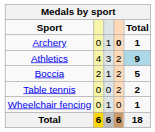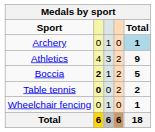 <table class="wikitable" style="font-size:85%; float:right;">
 <tr style="background:#efefef;">
 <th colspan=7><strong>Medals by sport</strong></th>
 </tr>
 <tr align=center>
 <td><strong>Sport</strong></td>
 <td style="background:#f7f6a8;"></td>
 <td style="background:#dce5e5;"></td>
 <td style="background:#ffdab9;"></td>
 <td><strong>Total</strong></td>
 </tr>
 <tr align=center>
 <td><a href='#'>Archery</a></td>
 <td style="background:#F7F6A8;">0</td>
 <td style="background:#DCE5E5;">1</td>
-<td style="background:#FFDAB9;"><strong>0</strong></td>
-<td><strong>1</strong></td>
+<td style="background:#FFDAB9;">0</td>
+<td style="background: lightblue;"><strong>1</strong></td>
 </tr>
 <tr align=center>
 <td><a href='#'>Athletics</a></td>
 <td style="background:#F7F6A8;">4</td>
 <td style="background:#DCE5E5;">3</td>
 <td style="background:#FFDAB9;">2</td>
-<td style="background: lightblue;"><strong>9</strong></td>
+<td><strong>9</strong></td>
 </tr>
 <tr align=center>
 <td><a href='#'>Boccia</a></td>
-<td style="background:#F7F6A8;">2</td>
+<td style="background:#F7F6A8;"><strong>2</strong></td>
 <td style="background:#DCE5E5;">1</td>
 <td style="background:#FFDAB9;">2</td>
 <td><strong>5</strong></td>
 </tr>
 <tr align=center>
 <td><a href='#'>Table tennis</a></td>
-<td style="background:#F7F6A8;">0</td>
+<td style="background:#F7F6A8;"><strong>0</strong></td>
 <td style="background:#DCE5E5;">0</td>
 <td style="background:#FFDAB9;">2</td>
 <td><strong>2</strong></td>
 </tr>
 <tr align=center>
 <td><a href='#'>Wheelchair fencing</a></td>
 <td style="background:#F7F6A8;">0</td>
 <td style="background:#DCE5E5;">1</td>
 <td style="background:#FFDAB9;">0</td>
 <td><strong>1</strong></td>
 </tr>
 <tr align=center>
 <th><strong>Total</strong></th>
 <th style="background:gold;"><strong>6</strong></th>
 <th style="background:silver;"><strong>6</strong></th>
 <th style="background:#c96;"><strong>6</strong></th>
 <th><strong>18</strong></th>
 </tr>
 </table>
